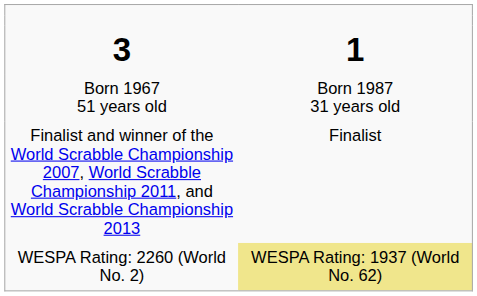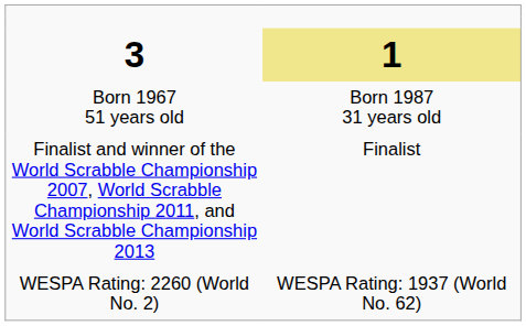 <table class="infobox" cellpadding="5" cellspacing="0" style="width:36%; border-collapse:collapse; text-align:center;">
 <tr>
 <td width=33%></td>
 <td width=33%></td>
 </tr>
 <tr>
 <td></td>
 <td></td>
 </tr>
 <tr style="font-size:200%;">
 <td><strong>3</strong></td>
-<td><strong>1</strong></td>
+<td style="background: khaki;"><strong>1</strong></td>
 </tr>
 <tr>
 <td>Born 1967<br>51 years old</td>
 <td>Born 1987<br>31 years old</td>
 </tr>
 <tr>
 <td>Finalist and winner of the <a href='#'>World Scrabble Championship 2007</a>, <a href='#'>World Scrabble Championship 2011</a>, and <a href='#'>World Scrabble Championship 2013</a></td>
 <td>Finalist</td>
 </tr>
 <tr>
 <td>WESPA Rating: 2260 (World No. 2)</td>
-<td style="background: khaki;">WESPA Rating: 1937 (World No. 62)</td>
+<td>WESPA Rating: 1937 (World No. 62)</td>
 </tr>
 <tr>
 </tr>
 </table>
